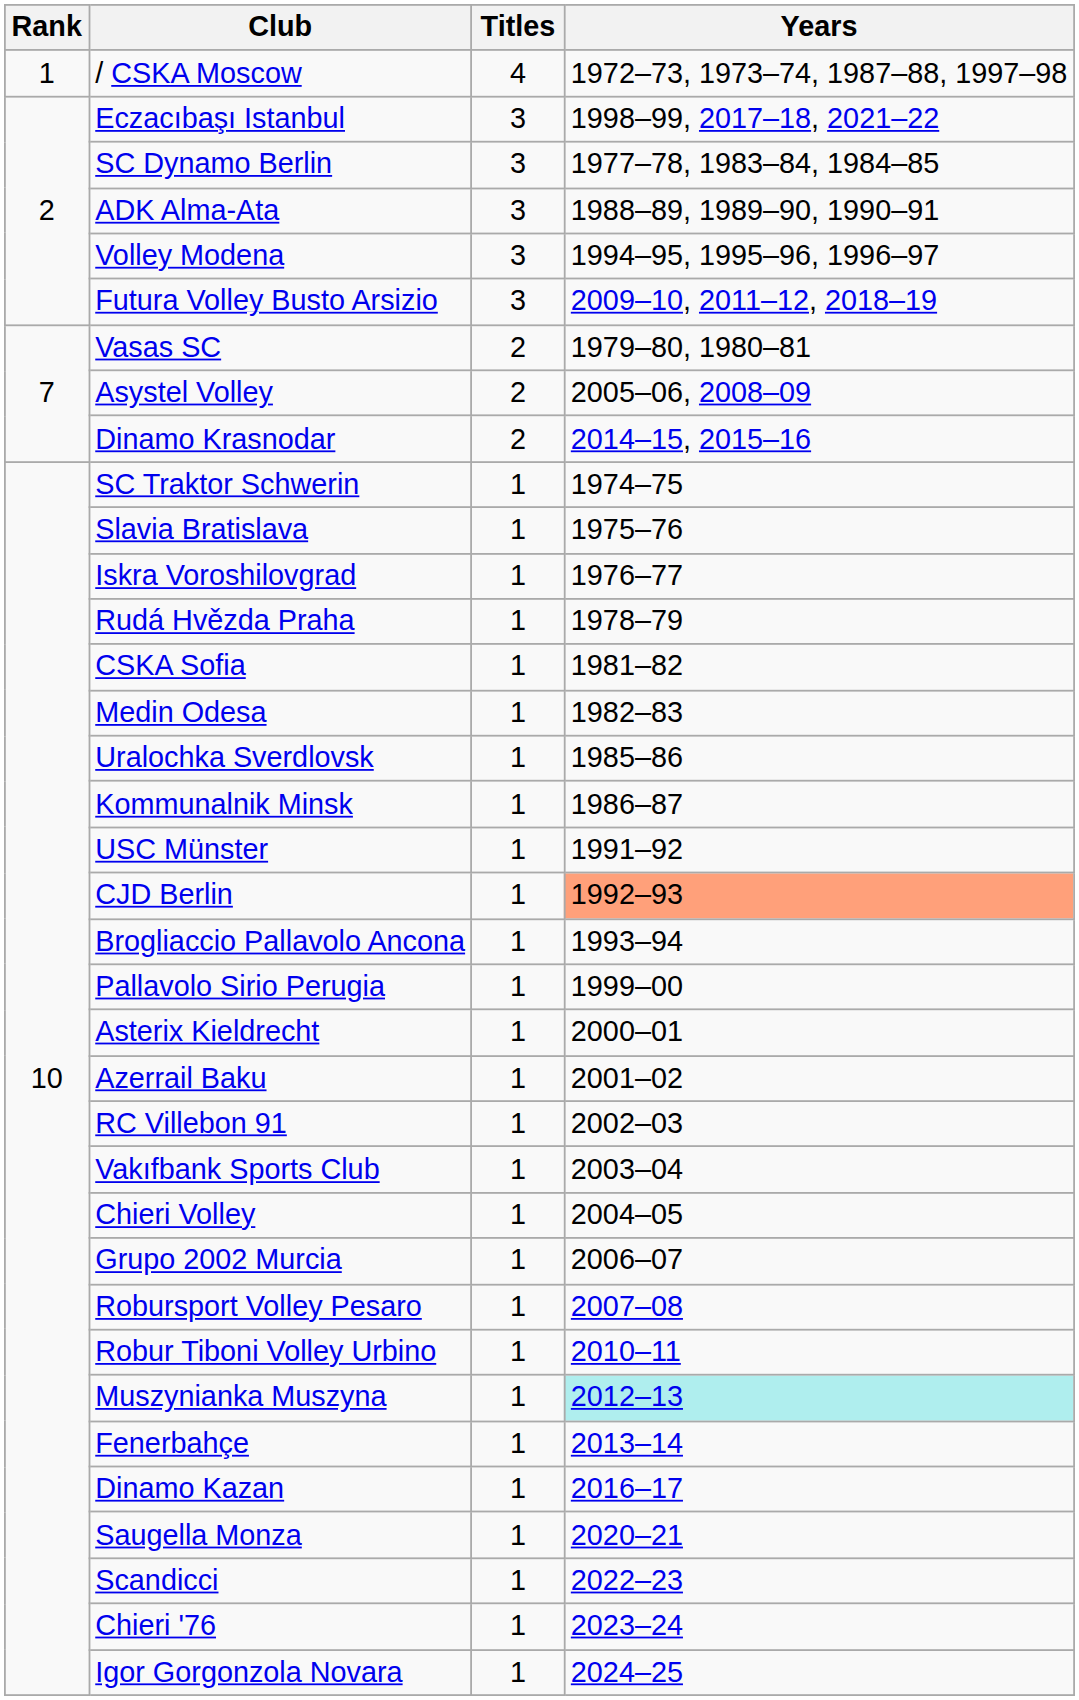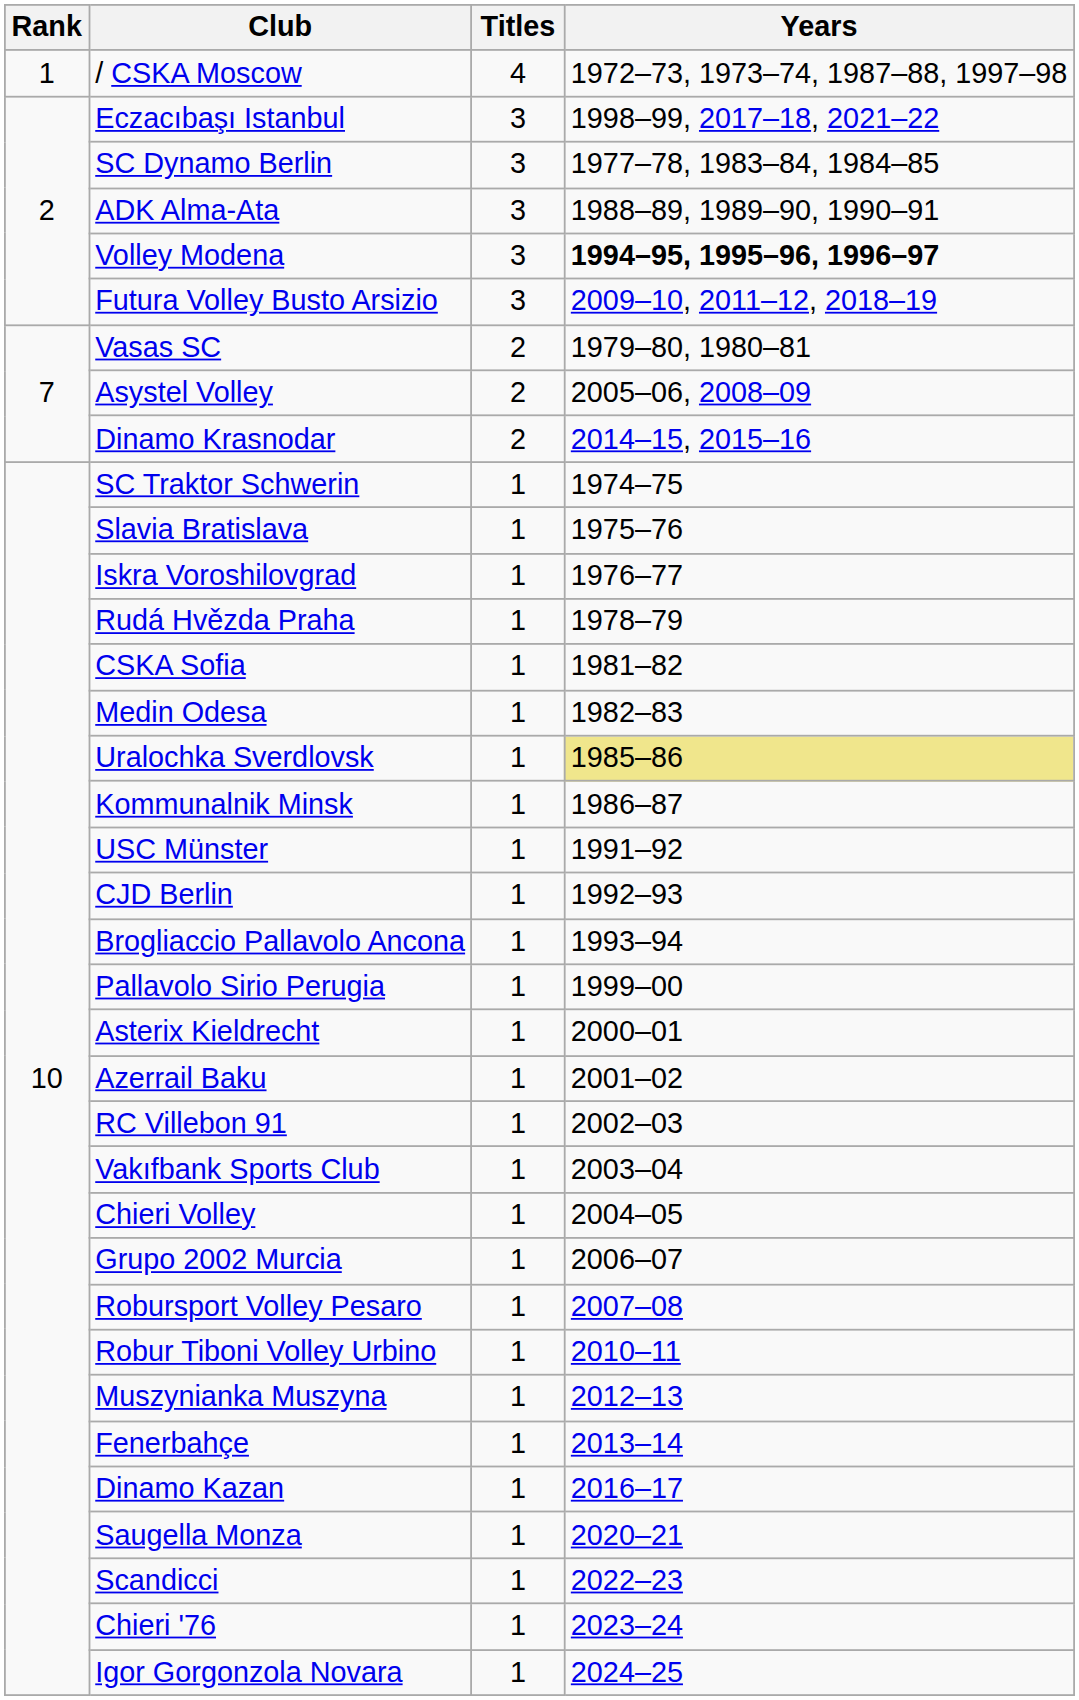 <table class="wikitable">
 <tr>
 <th>Rank</th>
 <th>Club</th>
 <th width="44">Titles</th>
 <th>Years</th>
 </tr>
 <tr>
 <td align=center>1</td>
 <td>/ <a href='#'>CSKA Moscow</a></td>
 <td align=center>4</td>
 <td>1972–73, 1973–74, 1987–88, 1997–98</td>
 </tr>
 <tr>
 <td align=center rowspan=5>2</td>
 <td> <a href='#'>Eczacıbaşı Istanbul</a></td>
 <td align=center>3</td>
 <td>1998–99, <a href='#'>2017–18</a>, <a href='#'>2021–22</a></td>
 </tr>
 <tr>
 <td> <a href='#'>SC Dynamo Berlin</a></td>
 <td align=center>3</td>
 <td>1977–78, 1983–84, 1984–85</td>
 </tr>
 <tr>
 <td> <a href='#'>ADK Alma-Ata</a></td>
 <td align=center>3</td>
 <td>1988–89, 1989–90, 1990–91</td>
 </tr>
 <tr>
 <td> <a href='#'>Volley Modena</a></td>
 <td align=center>3</td>
-<td>1994–95, 1995–96, 1996–97</td>
+<td><strong>1994–95, 1995–96, 1996–97</strong></td>
 </tr>
 <tr>
 <td> <a href='#'>Futura Volley Busto Arsizio</a></td>
 <td align=center>3</td>
 <td><a href='#'>2009–10</a>, <a href='#'>2011–12</a>, <a href='#'>2018–19</a></td>
 </tr>
 <tr>
 <td align=center rowspan=3>7</td>
 <td> <a href='#'>Vasas SC</a></td>
 <td align=center>2</td>
 <td>1979–80, 1980–81</td>
 </tr>
 <tr>
 <td> <a href='#'>Asystel Volley</a></td>
 <td align=center>2</td>
 <td>2005–06, <a href='#'>2008–09</a></td>
 </tr>
 <tr>
 <td> <a href='#'>Dinamo Krasnodar</a></td>
 <td align=center>2</td>
 <td><a href='#'>2014–15</a>, <a href='#'>2015–16</a></td>
 </tr>
 <tr>
 <td align=center rowspan=27>10</td>
 <td> <a href='#'>SC Traktor Schwerin</a></td>
 <td align=center>1</td>
 <td>1974–75</td>
 </tr>
 <tr>
 <td> <a href='#'>Slavia Bratislava</a></td>
 <td align=center>1</td>
 <td>1975–76</td>
 </tr>
 <tr>
 <td> <a href='#'>Iskra Voroshilovgrad</a></td>
 <td align=center>1</td>
 <td>1976–77</td>
 </tr>
 <tr>
 <td> <a href='#'>Rudá Hvězda Praha</a></td>
 <td align=center>1</td>
 <td>1978–79</td>
 </tr>
 <tr>
 <td> <a href='#'>CSKA Sofia</a></td>
 <td align=center>1</td>
 <td>1981–82</td>
 </tr>
 <tr>
 <td> <a href='#'>Medin Odesa</a></td>
 <td align="center">1</td>
 <td>1982–83</td>
 </tr>
 <tr>
 <td> <a href='#'>Uralochka Sverdlovsk</a></td>
 <td align=center>1</td>
-<td>1985–86</td>
+<td style="background: khaki;">1985–86</td>
 </tr>
 <tr>
 <td> <a href='#'>Kommunalnik Minsk</a></td>
 <td align=center>1</td>
 <td>1986–87</td>
 </tr>
 <tr>
 <td> <a href='#'>USC Münster</a></td>
 <td align=center>1</td>
 <td>1991–92</td>
 </tr>
 <tr>
 <td> <a href='#'>CJD Berlin</a></td>
 <td align=center>1</td>
-<td style="background: lightsalmon;">1992–93</td>
+<td>1992–93</td>
 </tr>
 <tr>
 <td> <a href='#'>Brogliaccio Pallavolo Ancona</a></td>
 <td align=center>1</td>
 <td>1993–94</td>
 </tr>
 <tr>
 <td> <a href='#'>Pallavolo Sirio Perugia</a></td>
 <td align=center>1</td>
 <td>1999–00</td>
 </tr>
 <tr>
 <td> <a href='#'>Asterix Kieldrecht</a></td>
 <td align=center>1</td>
 <td>2000–01</td>
 </tr>
 <tr>
 <td> <a href='#'>Azerrail Baku</a></td>
 <td align=center>1</td>
 <td>2001–02</td>
 </tr>
 <tr>
 <td> <a href='#'>RC Villebon 91</a></td>
 <td align=center>1</td>
 <td>2002–03</td>
 </tr>
 <tr>
 <td> <a href='#'>Vakıfbank Sports Club</a></td>
 <td align=center>1</td>
 <td>2003–04</td>
 </tr>
 <tr>
 <td> <a href='#'>Chieri Volley</a></td>
 <td align=center>1</td>
 <td>2004–05</td>
 </tr>
 <tr>
 <td> <a href='#'>Grupo 2002 Murcia</a></td>
 <td align=center>1</td>
 <td>2006–07</td>
 </tr>
 <tr>
 <td> <a href='#'>Robursport Volley Pesaro</a></td>
 <td align=center>1</td>
 <td><a href='#'>2007–08</a></td>
 </tr>
 <tr>
 <td> <a href='#'>Robur Tiboni Volley Urbino</a></td>
 <td align=center>1</td>
 <td><a href='#'>2010–11</a></td>
 </tr>
 <tr>
 <td> <a href='#'>Muszynianka Muszyna</a></td>
 <td align=center>1</td>
-<td style="background: paleturquoise;"><a href='#'>2012–13</a></td>
+<td><a href='#'>2012–13</a></td>
 </tr>
 <tr>
 <td> <a href='#'>Fenerbahçe</a></td>
 <td align=center>1</td>
 <td><a href='#'>2013–14</a></td>
 </tr>
 <tr>
 <td> <a href='#'>Dinamo Kazan</a></td>
 <td align=center>1</td>
 <td><a href='#'>2016–17</a></td>
 </tr>
 <tr>
 <td> <a href='#'>Saugella Monza</a></td>
 <td align=center>1</td>
 <td><a href='#'>2020–21</a></td>
 </tr>
 <tr>
 <td> <a href='#'>Scandicci</a></td>
 <td align=center>1</td>
 <td><a href='#'>2022–23</a></td>
 </tr>
 <tr>
 <td> <a href='#'>Chieri '76</a></td>
 <td align=center>1</td>
 <td><a href='#'>2023–24</a></td>
 </tr>
 <tr>
 <td> <a href='#'>Igor Gorgonzola Novara</a></td>
 <td align=center>1</td>
 <td><a href='#'>2024–25</a></td>
 </tr>
 </table>
